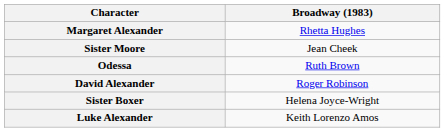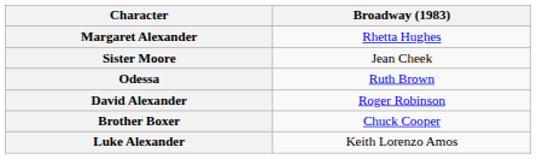 <table class="wikitable" style="width:50%; text-align:center">
 <tr>
 <th scope="col">Character</th>
 <th>Broadway (1983)</th>
 </tr>
 <tr>
 <th>Margaret Alexander</th>
 <td colspan="1"><a href='#'>Rhetta Hughes</a></td>
 </tr>
 <tr>
 <th>Sister Moore</th>
 <td colspan="1”">Jean Cheek</td>
 </tr>
 <tr>
 <th>Odessa</th>
 <td colspan="1”"><a href='#'>Ruth Brown</a></td>
 </tr>
 <tr>
 <th>David Alexander</th>
 <td colspan="1"><a href='#'>Roger Robinson</a></td>
 </tr>
 <tr>
-<th>Sister Boxer</th>
-<td colspan="1">Helena Joyce-Wright</td>
+<th>Brother Boxer</th>
+<td colspan="1"><a href='#'>Chuck Cooper</a></td>
 </tr>
 <tr>
 <th>Luke Alexander</th>
 <td colspan="1">Keith Lorenzo Amos</td>
 </tr>
 </table>
